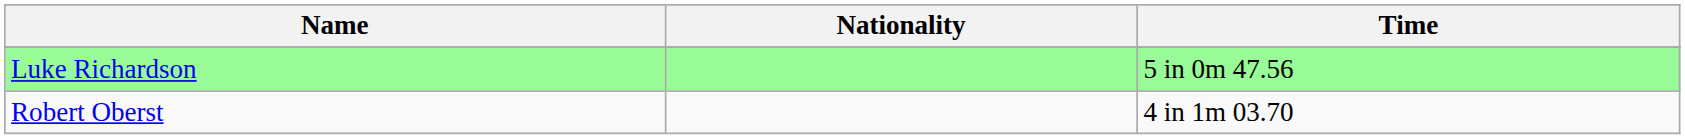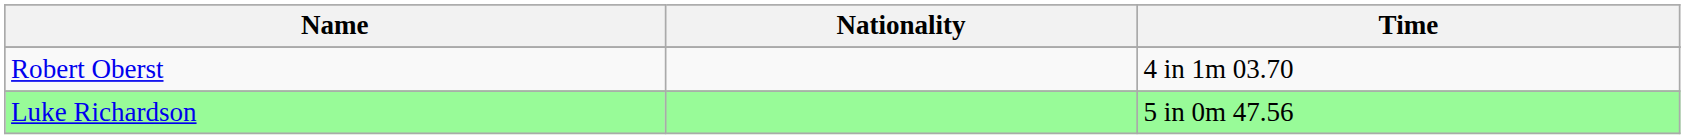 <table class="wikitable" style="display: inline-table;width: 50%;">
 <tr>
 <th>Name</th>
 <th>Nationality</th>
 <th>Time</th>
 </tr>
 <tr>
 </tr>
+<tr>
+<td><a href='#'>Robert Oberst</a></td>
+<td></td>
+<td>4 in 1m 03.70</td>
+</tr>
 <tr style="background:palegreen">
 <td><a href='#'>Luke Richardson</a></td>
 <td></td>
 <td>5 in 0m 47.56</td>
 </tr>
-<tr>
-<td><a href='#'>Robert Oberst</a></td>
-<td></td>
-<td>4 in 1m 03.70</td>
-</tr>
 </table>
